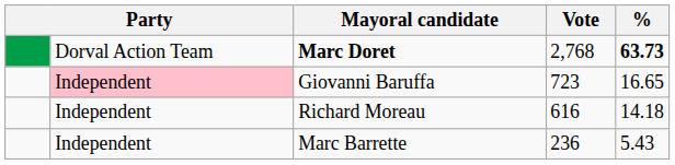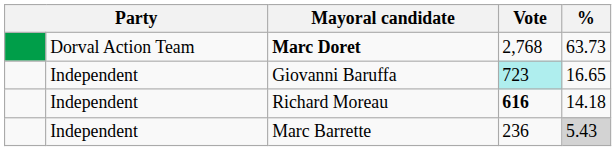 <table class="wikitable">
 <tr>
 <th bgcolor="#DDDDFF" width="230px" colspan="2">Party</th>
 <th bgcolor="#DDDDFF" width="200px">Mayoral candidate</th>
 <th bgcolor="#DDDDFF" width="50px">Vote</th>
 <th bgcolor="#DDDDFF" width="30px">%</th>
 </tr>
 <tr>
 <td bgcolor="#009E49" width="30px"> </td>
 <td>Dorval Action Team</td>
 <td><strong>Marc Doret</strong></td>
 <td>2,768</td>
-<td><strong>63.73</strong></td>
+<td>63.73</td>
 </tr>
 <tr>
 <td> </td>
-<td style="background: pink;">Independent</td>
+<td>Independent</td>
 <td>Giovanni Baruffa</td>
-<td>723</td>
+<td style="background: paleturquoise;">723</td>
 <td>16.65</td>
 </tr>
 <tr>
 <td> </td>
 <td>Independent</td>
 <td>Richard Moreau</td>
-<td>616</td>
+<td><strong>616</strong></td>
 <td>14.18</td>
 </tr>
 <tr>
 <td> </td>
 <td>Independent</td>
 <td>Marc Barrette</td>
 <td>236</td>
-<td>5.43</td>
+<td style="background: lightgrey;">5.43</td>
 </tr>
 </table>
